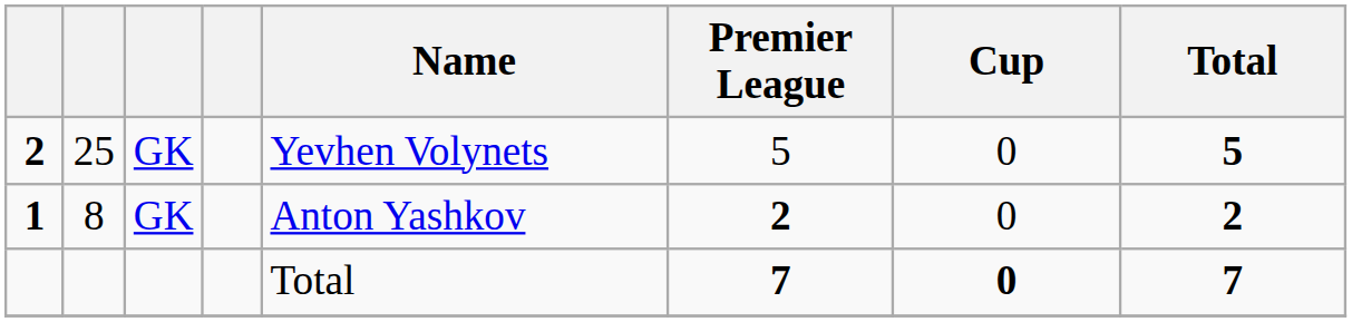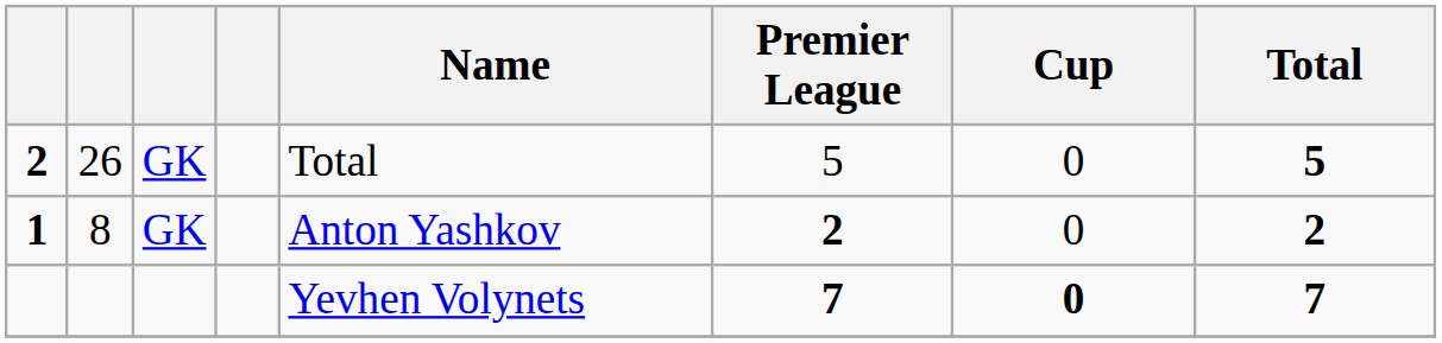 <table class="wikitable" style="text-align:center">
 <tr>
 <th width=15></th>
 <th width=15></th>
 <th width=15></th>
 <th width=15></th>
 <th width=150>Name</th>
 <th width=80><strong>Premier League</strong></th>
 <th width=80><strong>Cup</strong></th>
 <th width=80>Total</th>
 </tr>
 <tr>
 <td><strong>2</strong></td>
-<td>25</td>
+<td>26</td>
 <td><a href='#'>GK</a></td>
 <td></td>
-<td align=left><a href='#'>Yevhen Volynets</a></td>
+<td align=left>Total</td>
 <td>5</td>
 <td>0</td>
 <td><strong>5</strong></td>
 </tr>
 <tr>
 <td><strong>1</strong></td>
 <td>8</td>
 <td><a href='#'>GK</a></td>
 <td></td>
 <td align=left><a href='#'>Anton Yashkov</a></td>
 <td><strong>2</strong></td>
 <td>0</td>
 <td><strong>2</strong></td>
 </tr>
 <tr>
 <td></td>
 <td></td>
 <td></td>
 <td></td>
-<td align=left>Total</td>
+<td align=left><a href='#'>Yevhen Volynets</a></td>
 <td><strong>7</strong></td>
 <td><strong>0</strong></td>
 <td><strong>7</strong></td>
 </tr>
 <tr>
 </tr>
 </table>
